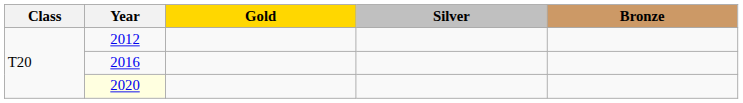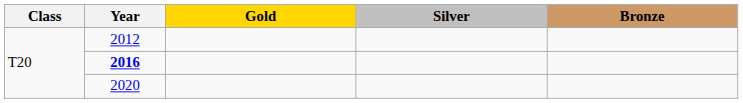 <table class="wikitable">
 <tr>
 <th width=80>Class</th>
 <th width=80>Year</th>
 <td align=center width=200 bgcolor=gold><strong>Gold</strong></td>
 <td align=center width=200 bgcolor=silver><strong>Silver</strong></td>
 <td align=center width=200 bgcolor=cc9966><strong>Bronze</strong></td>
 </tr>
 <tr>
 <td rowspan=3>T20</td>
 <td align=center><a href='#'>2012</a></td>
 <td></td>
 <td></td>
 <td></td>
 </tr>
 <tr>
-<td align=center><a href='#'>2016</a></td>
+<td align=center><strong><a href='#'>2016</a></strong></td>
 <td></td>
 <td></td>
 <td></td>
 </tr>
 <tr>
-<td align=center style="background: lightyellow;"><a href='#'>2020</a></td>
+<td align=center><a href='#'>2020</a></td>
 <td></td>
 <td></td>
 <td></td>
 </tr>
 </table>
